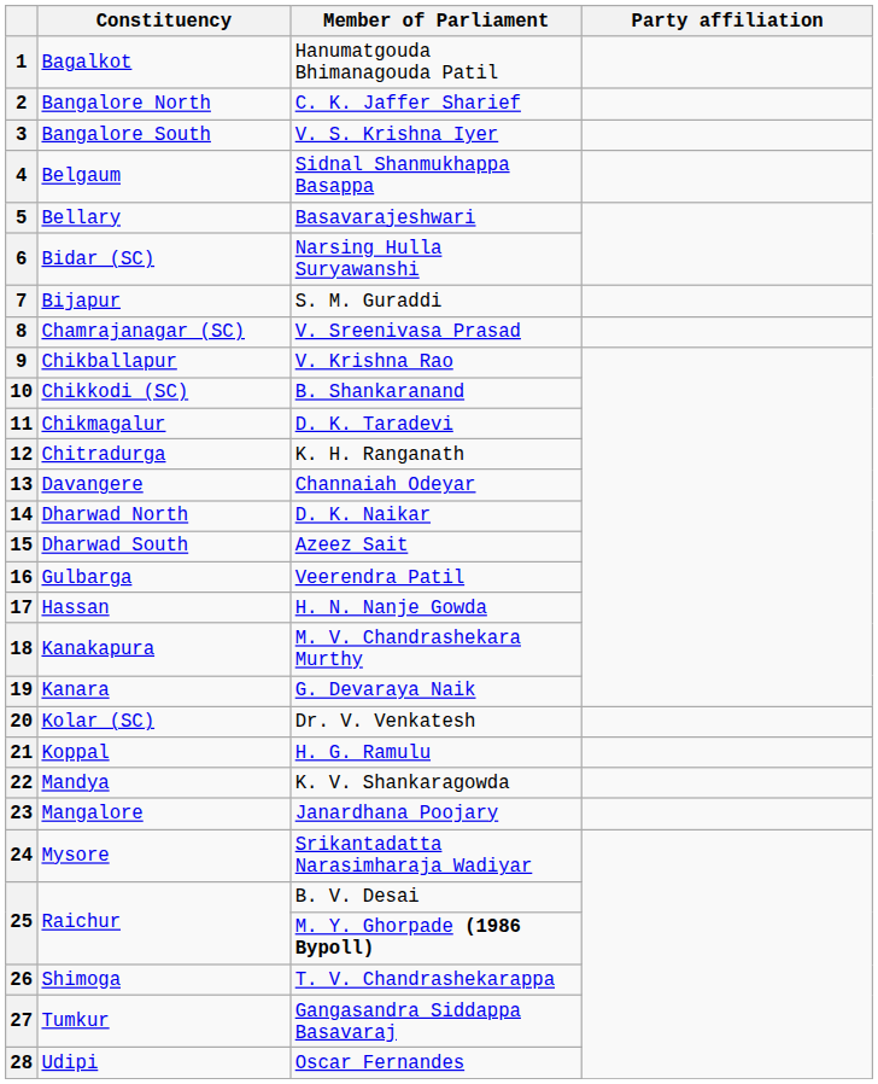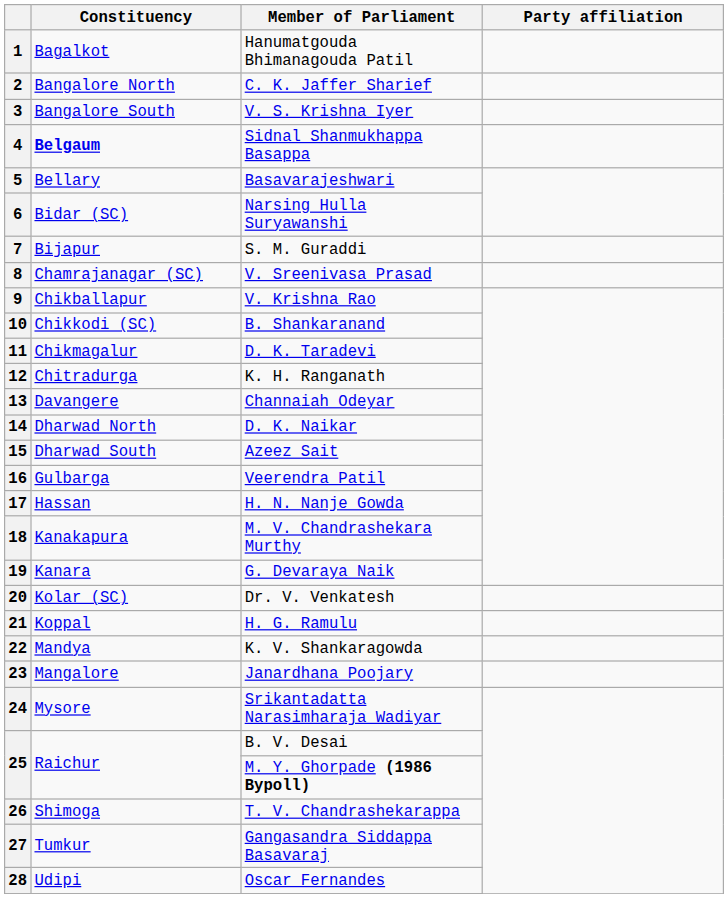 <table class="wikitable sortable">
 <tr style="text-align:center;">
 <th></th>
 <th style="width:13em">Constituency</th>
 <th style="width:15em">Member of Parliament</th>
 <th colspan="2" style="width:15em">Party affiliation</th>
 </tr>
 <tr>
 <th>1</th>
 <td><a href='#'>Bagalkot</a></td>
 <td>Hanumatgouda Bhimanagouda Patil</td>
 <td></td>
 </tr>
 <tr>
 <th>2</th>
 <td><a href='#'>Bangalore North</a></td>
 <td><a href='#'>C. K. Jaffer Sharief</a></td>
 </tr>
 <tr>
 <th>3</th>
 <td><a href='#'>Bangalore South</a></td>
 <td><a href='#'>V. S. Krishna Iyer</a></td>
 <td></td>
 </tr>
 <tr>
 <th>4</th>
-<td><a href='#'>Belgaum</a></td>
+<td><strong><a href='#'>Belgaum</a></strong></td>
 <td><a href='#'>Sidnal Shanmukhappa Basappa</a></td>
 <td></td>
 </tr>
 <tr>
 <th>5</th>
 <td><a href='#'>Bellary</a></td>
 <td><a href='#'>Basavarajeshwari</a></td>
 </tr>
 <tr>
 <th>6</th>
 <td><a href='#'>Bidar (SC)</a></td>
 <td><a href='#'>Narsing Hulla Suryawanshi</a></td>
 </tr>
 <tr>
 <th>7</th>
 <td><a href='#'>Bijapur</a></td>
 <td>S. M. Guraddi</td>
 <td></td>
 </tr>
 <tr>
 <th>8</th>
 <td><a href='#'>Chamrajanagar (SC)</a></td>
 <td><a href='#'>V. Sreenivasa Prasad</a></td>
 <td></td>
 </tr>
 <tr>
 <th>9</th>
 <td><a href='#'>Chikballapur</a></td>
 <td><a href='#'>V. Krishna Rao</a></td>
 </tr>
 <tr>
 <th>10</th>
 <td><a href='#'>Chikkodi (SC)</a></td>
 <td><a href='#'>B. Shankaranand</a></td>
 </tr>
 <tr>
 <th>11</th>
 <td><a href='#'>Chikmagalur</a></td>
 <td><a href='#'>D. K. Taradevi</a></td>
 </tr>
 <tr>
 <th>12</th>
 <td><a href='#'>Chitradurga</a></td>
 <td>K. H. Ranganath</td>
 </tr>
 <tr>
 <th>13</th>
 <td><a href='#'>Davangere</a></td>
 <td><a href='#'>Channaiah Odeyar</a></td>
 </tr>
 <tr>
 <th>14</th>
 <td><a href='#'>Dharwad North</a></td>
 <td><a href='#'>D. K. Naikar</a></td>
 </tr>
 <tr>
 <th>15</th>
 <td><a href='#'>Dharwad South</a></td>
 <td><a href='#'>Azeez Sait</a></td>
 </tr>
 <tr>
 <th>16</th>
 <td><a href='#'>Gulbarga</a></td>
 <td><a href='#'>Veerendra Patil</a></td>
 </tr>
 <tr>
 <th>17</th>
 <td><a href='#'>Hassan</a></td>
 <td><a href='#'>H. N. Nanje Gowda</a></td>
 </tr>
 <tr>
 <th>18</th>
 <td><a href='#'>Kanakapura</a></td>
 <td><a href='#'>M. V. Chandrashekara Murthy</a></td>
 </tr>
 <tr>
 <th>19</th>
 <td><a href='#'>Kanara</a></td>
 <td><a href='#'>G. Devaraya Naik</a></td>
 </tr>
 <tr>
 <th>20</th>
 <td><a href='#'>Kolar (SC)</a></td>
 <td>Dr. V. Venkatesh</td>
 <td></td>
 </tr>
 <tr>
 <th>21</th>
 <td><a href='#'>Koppal</a></td>
 <td><a href='#'>H. G. Ramulu</a></td>
 <td></td>
 </tr>
 <tr>
 <th>22</th>
 <td><a href='#'>Mandya</a></td>
 <td>K. V. Shankaragowda</td>
 <td></td>
 </tr>
 <tr>
 <th>23</th>
 <td><a href='#'>Mangalore</a></td>
 <td><a href='#'>Janardhana Poojary</a></td>
 <td></td>
 </tr>
 <tr>
 <th>24</th>
 <td><a href='#'>Mysore</a></td>
 <td><a href='#'>Srikantadatta Narasimharaja Wadiyar</a></td>
 </tr>
 <tr>
 <th rowspan=2>25</th>
 <td rowspan=2><a href='#'>Raichur</a></td>
 <td>B. V. Desai</td>
 </tr>
 <tr>
 <td><a href='#'>M. Y. Ghorpade</a> <strong>(1986 Bypoll)</strong></td>
 </tr>
 <tr>
 <th>26</th>
 <td><a href='#'>Shimoga</a></td>
 <td><a href='#'>T. V. Chandrashekarappa</a></td>
 </tr>
 <tr>
 <th>27</th>
 <td><a href='#'>Tumkur</a></td>
 <td><a href='#'>Gangasandra Siddappa Basavaraj</a></td>
 </tr>
 <tr>
 <th>28</th>
 <td><a href='#'>Udipi</a></td>
 <td><a href='#'>Oscar Fernandes</a></td>
 </tr>
 <tr>
 </tr>
 </table>
